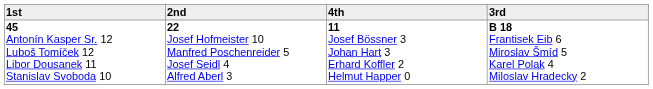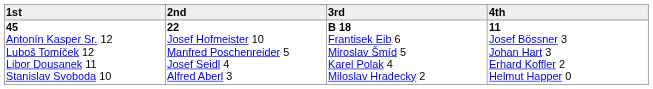 <table border=1 cellpadding=2 cellspacing=0 width=75% style="border-collapse:collapse">
 <tr align=left style="background:#efefef;">
 <th width=20% >1st</th>
 <th width=20% >2nd</th>
+<th width=20% >3rd</th>
 <th width=20%>4th</th>
-<th width=20% >3rd</th>
 </tr>
 <tr align=left>
 <td valign=top ><strong> 45</strong><br><a href='#'>Antonín Kasper Sr.</a> 12<br><a href='#'>Luboš Tomíček</a> 12<br><a href='#'>Libor Dousanek</a> 11<br><a href='#'>Stanislav Svoboda</a> 10</td>
 <td valign=top ><strong> 22</strong><br><a href='#'>Josef Hofmeister</a> 10<br><a href='#'>Manfred Poschenreider</a> 5<br><a href='#'>Josef Seidl</a> 4<br><a href='#'>Alfred Aberl</a> 3</td>
+<td valign=top ><strong> B 18</strong><br><a href='#'>Frantisek Eib</a> 6<br><a href='#'>Miroslav Šmíd</a> 5<br><a href='#'>Karel Polak</a> 4<br><a href='#'>Miloslav Hradecky</a> 2</td>
 <td valign=top><strong> 11</strong><br><a href='#'>Josef Bössner</a> 3<br><a href='#'>Johan Hart</a> 3<br><a href='#'>Erhard Koffler</a> 2<br><a href='#'>Helmut Happer</a> 0</td>
-<td valign=top ><strong> B 18</strong><br><a href='#'>Frantisek Eib</a> 6<br><a href='#'>Miroslav Šmíd</a> 5<br><a href='#'>Karel Polak</a> 4<br><a href='#'>Miloslav Hradecky</a> 2</td>
 </tr>
 </table>
